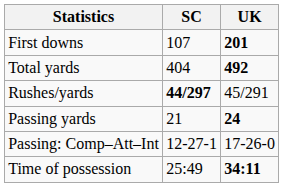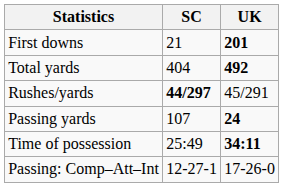 <table class="wikitable" style="float: left;">
 <tr>
 <th>Statistics</th>
 <th>SC</th>
 <th>UK</th>
 </tr>
 <tr>
 <td>First downs</td>
-<td>107</td>
+<td>21</td>
 <td><strong>201</strong></td>
 </tr>
 <tr>
 <td>Total yards</td>
 <td>404</td>
 <td><strong>492</strong></td>
 </tr>
 <tr>
 <td>Rushes/yards</td>
 <td><strong>44/297</strong></td>
 <td>45/291</td>
 </tr>
 <tr>
 <td>Passing yards</td>
-<td>21</td>
+<td>107</td>
 <td><strong>24</strong></td>
+</tr>
+<tr>
+<td>Time of possession</td>
+<td>25:49</td>
+<td><strong>34:11</strong></td>
 </tr>
 <tr>
 <td>Passing: Comp–Att–Int</td>
 <td>12-27-1</td>
 <td>17-26-0</td>
 </tr>
 <tr>
-<td>Time of possession</td>
-<td>25:49</td>
-<td><strong>34:11</strong></td>
-</tr>
-<tr>
 </tr>
 </table>
